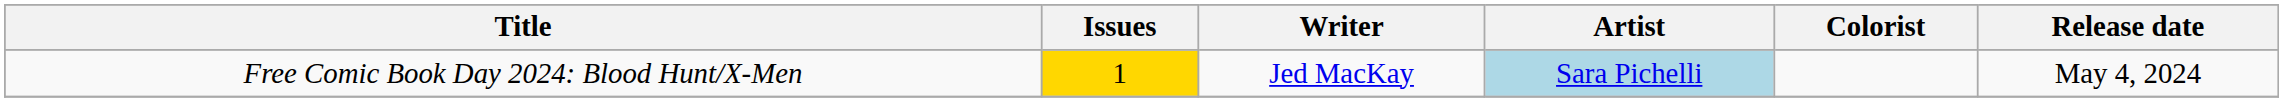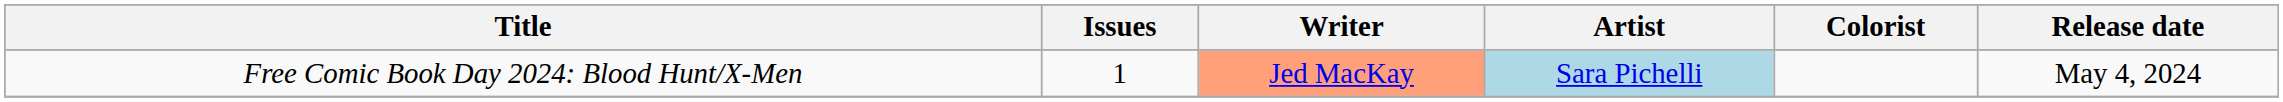 <table class="wikitable" style="text-align:center; width:100%">
 <tr>
 <th scope="col">Title</th>
 <th>Issues</th>
 <th>Writer</th>
 <th>Artist</th>
 <th>Colorist</th>
 <th>Release date</th>
 </tr>
 <tr>
 <td><em>Free Comic Book Day 2024: Blood Hunt/X-Men</em></td>
-<td style="background: gold;">1</td>
-<td><a href='#'>Jed MacKay</a></td>
+<td>1</td>
+<td style="background: lightsalmon;"><a href='#'>Jed MacKay</a></td>
 <td style="background: lightblue;"><a href='#'>Sara Pichelli</a></td>
 <td></td>
 <td>May 4, 2024</td>
 </tr>
 <tr>
 </tr>
 </table>
